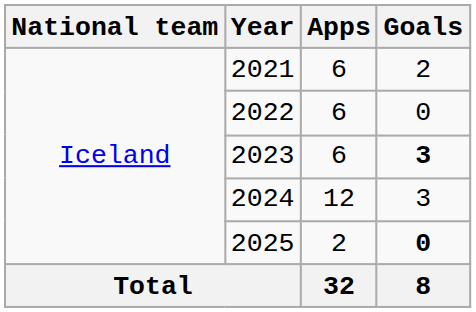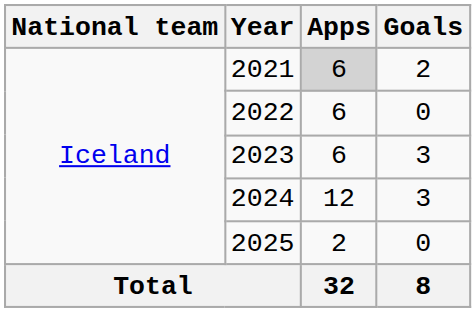 <table class="wikitable" style="text-align:center">
 <tr>
 <th>National team</th>
 <th>Year</th>
 <th>Apps</th>
 <th>Goals</th>
 </tr>
 <tr>
 <td rowspan="5"><a href='#'>Iceland</a></td>
 <td>2021</td>
-<td>6</td>
+<td style="background: lightgrey;">6</td>
 <td>2</td>
 </tr>
 <tr>
 <td>2022</td>
 <td>6</td>
 <td>0</td>
 </tr>
 <tr>
 <td>2023</td>
 <td>6</td>
-<td><strong>3</strong></td>
+<td>3</td>
 </tr>
 <tr>
 <td>2024</td>
 <td>12</td>
 <td>3</td>
 </tr>
 <tr>
 <td>2025</td>
 <td>2</td>
-<td><strong>0</strong></td>
+<td>0</td>
 </tr>
 <tr>
 <th colspan="2">Total</th>
 <th>32</th>
 <th>8</th>
 </tr>
 </table>
